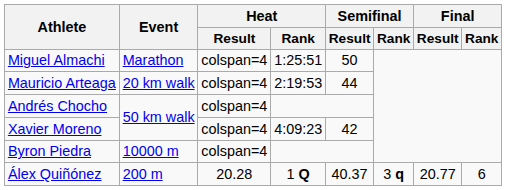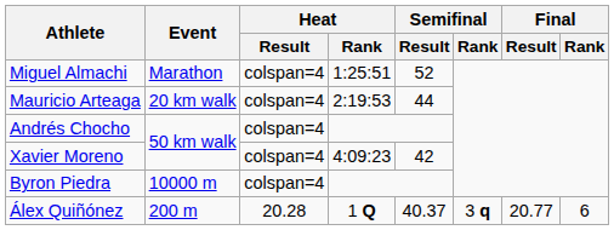 <table class="wikitable" style="font-size:90%">
 <tr>
 <th rowspan="2">Athlete</th>
 <th rowspan="2">Event</th>
 <th colspan="2">Heat</th>
 <th colspan="2">Semifinal</th>
 <th colspan="2">Final</th>
 </tr>
 <tr style="font-size:95%">
 <th>Result</th>
 <th>Rank</th>
 <th>Result</th>
 <th>Rank</th>
 <th>Result</th>
 <th>Rank</th>
 </tr>
 <tr align=center>
 <td align=left><a href='#'>Miguel Almachi</a></td>
 <td align=left><a href='#'>Marathon</a></td>
 <td>colspan=4 </td>
 <td>1:25:51</td>
-<td>50</td>
+<td>52</td>
 </tr>
 <tr align=center>
 <td align=left><a href='#'>Mauricio Arteaga</a></td>
 <td align=left><a href='#'>20 km walk</a></td>
 <td>colspan=4 </td>
 <td>2:19:53</td>
 <td>44</td>
 </tr>
 <tr align=center>
 <td align=left><a href='#'>Andrés Chocho</a></td>
 <td align=left rowspan=2><a href='#'>50 km walk</a></td>
 <td>colspan=4 </td>
 <td colspan=2></td>
 </tr>
 <tr align=center>
 <td align=left><a href='#'>Xavier Moreno</a></td>
 <td>colspan=4 </td>
 <td>4:09:23</td>
 <td>42</td>
 </tr>
 <tr align=center>
 <td align=left><a href='#'>Byron Piedra</a></td>
 <td align=left><a href='#'>10000 m</a></td>
 <td>colspan=4 </td>
 <td colspan=2></td>
 </tr>
 <tr align=center>
 <td align=left><a href='#'>Álex Quiñónez</a></td>
 <td align=left><a href='#'>200 m</a></td>
 <td>20.28</td>
 <td>1 <strong>Q</strong></td>
 <td>40.37</td>
 <td>3 <strong>q</strong></td>
 <td>20.77</td>
 <td>6</td>
 </tr>
 </table>
